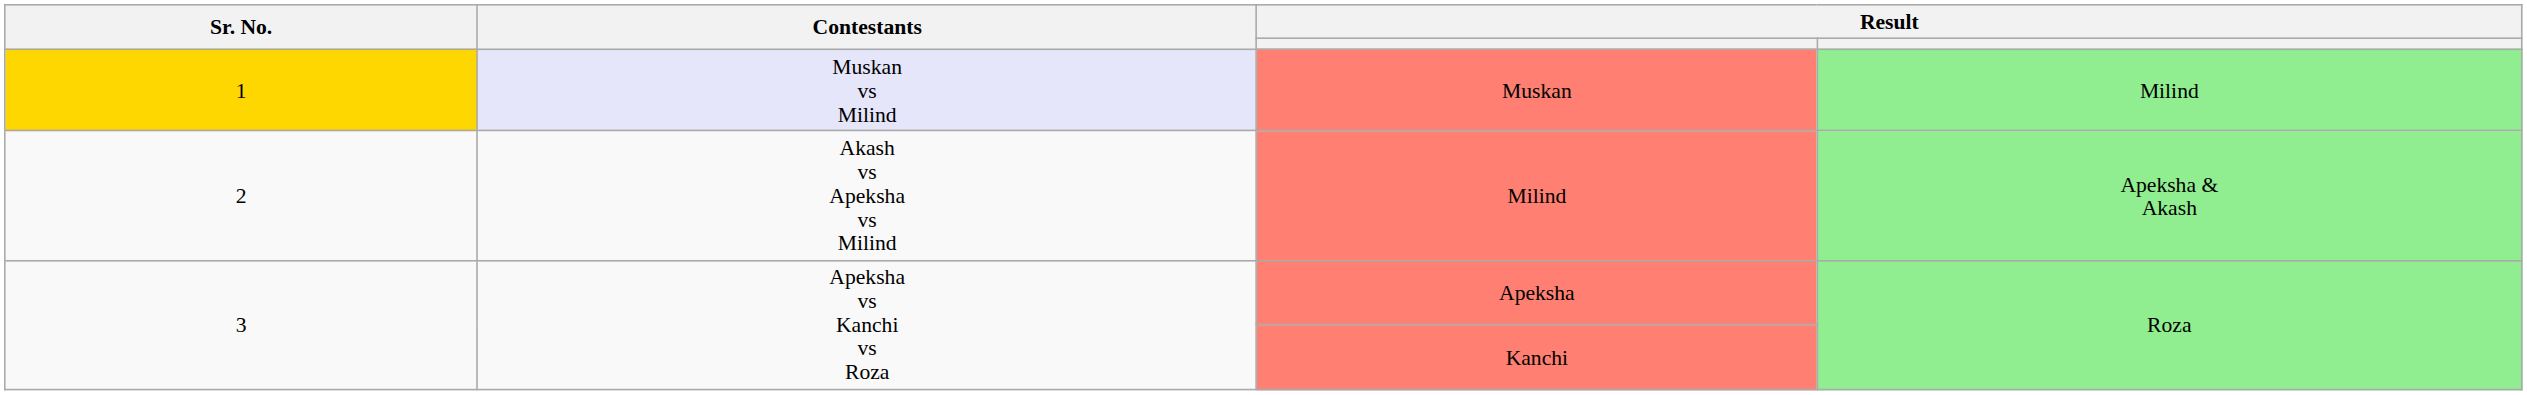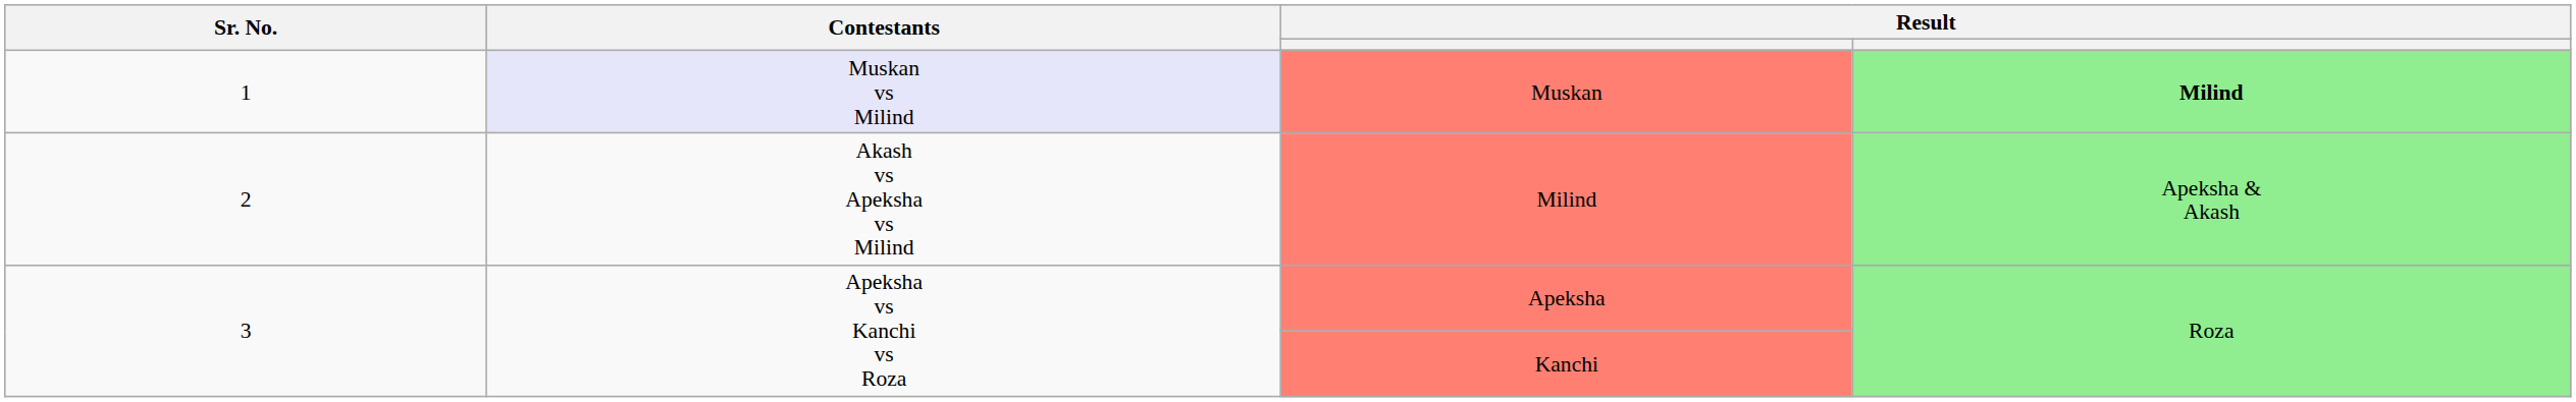 <table class="wikitable" style="text-align:center; width:100%; font-size:85%; line-height:15px;">
 <tr>
 <th rowspan="2">Sr. No.</th>
 <th rowspan="2" colspan="1">Contestants</th>
 <th colspan="2">Result</th>
 </tr>
 <tr>
 <th></th>
 <th></th>
 </tr>
 <tr>
-<td style="background: gold;">1</td>
+<td>1</td>
 <td style="background: lavender;">Muskan<br> vs <br>Milind</td>
 <td bgcolor=#FF8072>Muskan</td>
-<td bgcolor=lightgreen>Milind</td>
+<td bgcolor=lightgreen><strong>Milind</strong></td>
 </tr>
 <tr>
 <td>2</td>
 <td>Akash<br> vs <br>Apeksha<br> vs <br>Milind</td>
 <td bgcolor=#FF8072>Milind</td>
 <td bgcolor=lightgreen>Apeksha &<br>Akash</td>
 </tr>
 <tr>
 <td rowspan="2">3</td>
 <td rowspan="2">Apeksha<br> vs <br>Kanchi<br> vs <br>Roza</td>
 <td bgcolor=#FF8072>Apeksha</td>
 <td rowspan="2" bgcolor="lightgreen">Roza</td>
 </tr>
 <tr>
 <td bgcolor=#FF8072>Kanchi</td>
 </tr>
 </table>
